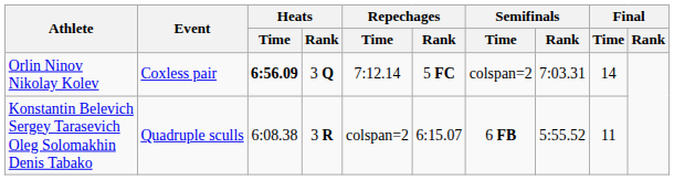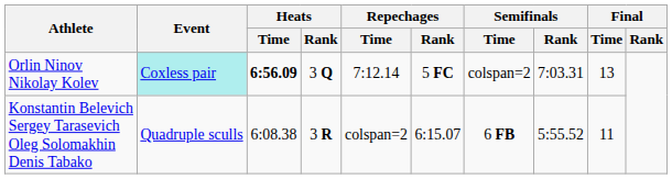 <table class="wikitable" style="font-size:90%">
 <tr style="font-size:95%">
 <th rowspan="2">Athlete</th>
 <th rowspan="2">Event</th>
 <th colspan="2">Heats</th>
 <th colspan="2">Repechages</th>
 <th colspan="2">Semifinals</th>
 <th colspan="2">Final</th>
 </tr>
 <tr style="font-size:95%">
 <th>Time</th>
 <th>Rank</th>
 <th>Time</th>
 <th>Rank</th>
 <th>Time</th>
 <th>Rank</th>
 <th>Time</th>
 <th>Rank</th>
 </tr>
 <tr align=center>
 <td align=left><a href='#'>Orlin Ninov</a><br><a href='#'>Nikolay Kolev</a></td>
-<td align=left><a href='#'>Coxless pair</a></td>
+<td align=left style="background: paleturquoise;"><a href='#'>Coxless pair</a></td>
 <td><strong>6:56.09</strong></td>
 <td>3 <strong>Q</strong></td>
 <td>7:12.14</td>
 <td>5 <strong>FC</strong></td>
 <td>colspan=2 </td>
 <td>7:03.31</td>
-<td>14</td>
+<td>13</td>
 </tr>
 <tr align=center>
 <td align=left><a href='#'>Konstantin Belevich</a><br><a href='#'>Sergey Tarasevich</a><br><a href='#'>Oleg Solomakhin</a><br><a href='#'>Denis Tabako</a></td>
 <td align=left><a href='#'>Quadruple sculls</a></td>
 <td>6:08.38</td>
 <td>3 <strong>R</strong></td>
 <td>colspan=2 </td>
 <td>6:15.07</td>
 <td>6 <strong>FB</strong></td>
 <td>5:55.52</td>
 <td>11</td>
 </tr>
 </table>
